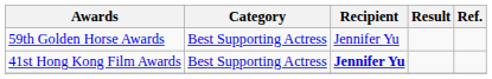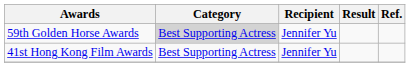 <table class="wikitable">
 <tr>
 <th>Awards</th>
 <th>Category</th>
 <th>Recipient</th>
 <th>Result</th>
 <th>Ref.</th>
 </tr>
 <tr>
 <td><a href='#'>59th Golden Horse Awards</a></td>
-<td><a href='#'>Best Supporting Actress</a></td>
+<td style="background: lightgrey;"><a href='#'>Best Supporting Actress</a></td>
 <td><a href='#'>Jennifer Yu</a></td>
 <td></td>
 <td></td>
 </tr>
 <tr>
 <td><a href='#'>41st Hong Kong Film Awards</a></td>
 <td><a href='#'>Best Supporting Actress</a></td>
-<td><strong><a href='#'>Jennifer Yu</a></strong></td>
+<td><a href='#'>Jennifer Yu</a></td>
 <td></td>
 <td></td>
 </tr>
 <tr>
 </tr>
 </table>
